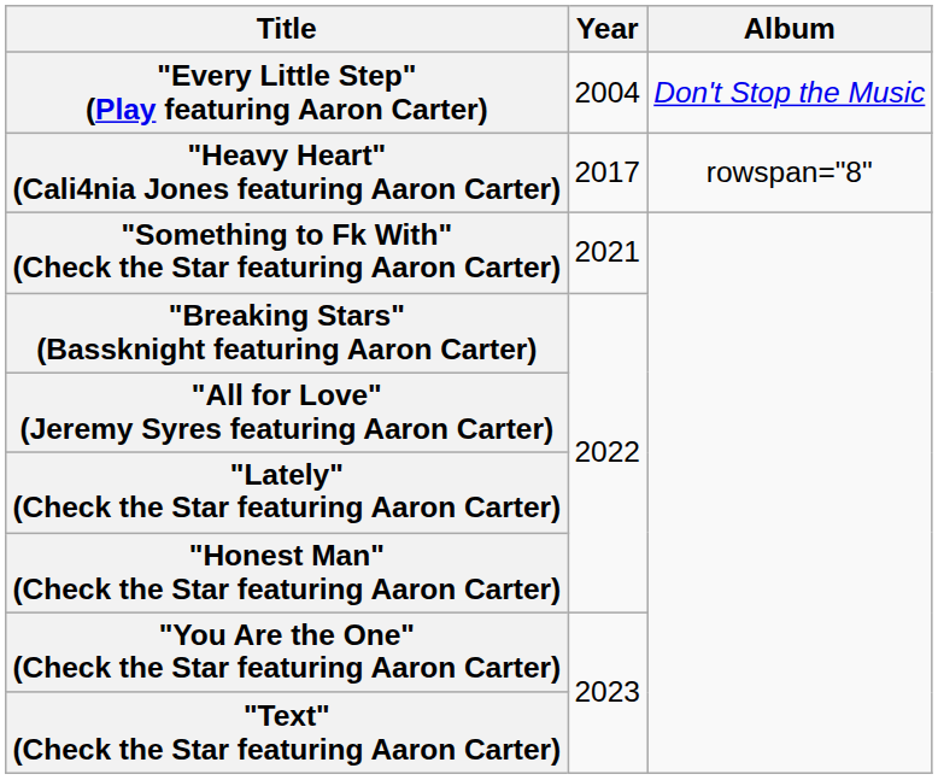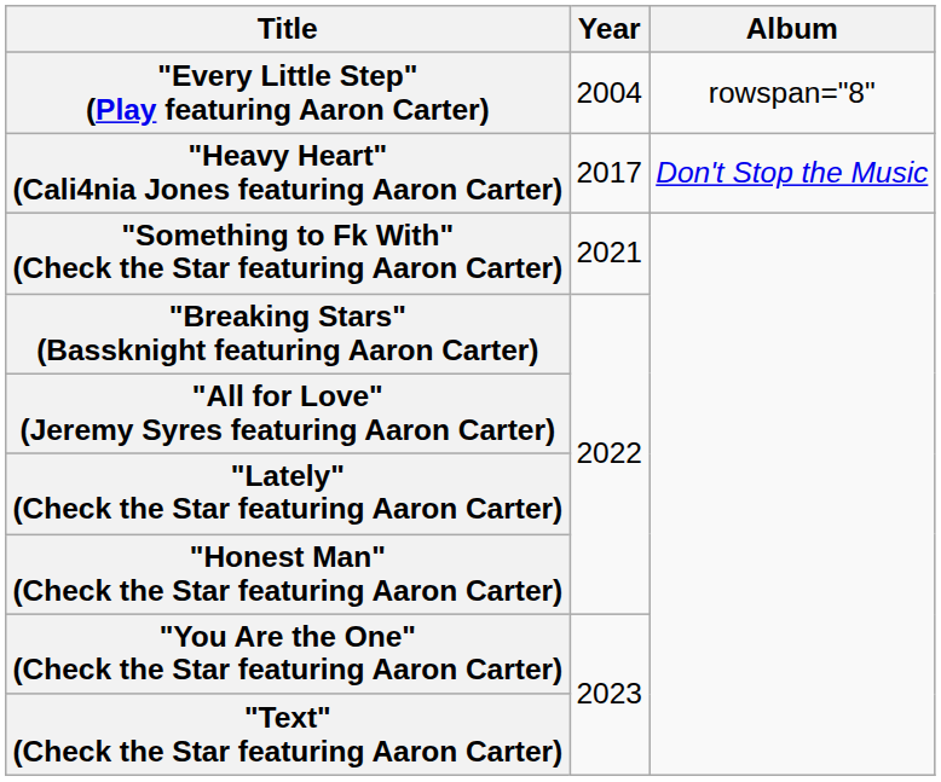 <table class="wikitable plainrowheaders" style="text-align:center;">
 <tr>
 <th scope="col">Title</th>
 <th scope="col">Year</th>
 <th scope="col">Album</th>
 </tr>
 <tr>
 <th scope="row">"Every Little Step"<br><span>(<a href='#'>Play</a> featuring Aaron Carter)</span></th>
 <td>2004</td>
-<td><em><a href='#'>Don't Stop the Music</a></em></td>
+<td>rowspan="8" </td>
 </tr>
 <tr>
 <th scope="row">"Heavy Heart"<br><span>(Cali4nia Jones featuring Aaron Carter)</span></th>
 <td>2017</td>
-<td>rowspan="8" </td>
+<td><em><a href='#'>Don't Stop the Music</a></em></td>
 </tr>
 <tr>
 <th scope="row">"Something to Fk With"<br><span>(Check the Star featuring Aaron Carter)</span></th>
 <td>2021</td>
 </tr>
 <tr>
 <th scope="row">"Breaking Stars"<br><span>(Bassknight featuring Aaron Carter)</span></th>
 <td rowspan="4">2022</td>
 </tr>
 <tr>
 <th scope="row">"All for Love"<br><span>(Jeremy Syres featuring Aaron Carter)</span></th>
 </tr>
 <tr>
 <th scope="row">"Lately"<br><span>(Check the Star featuring Aaron Carter)</span></th>
 </tr>
 <tr>
 <th scope="row">"Honest Man"<br><span>(Check the Star featuring Aaron Carter)</span></th>
 </tr>
 <tr>
 <th scope="row">"You Are the One"<br><span>(Check the Star featuring Aaron Carter)</span></th>
 <td rowspan="2">2023</td>
 </tr>
 <tr>
 <th scope="row">"Text"<br><span>(Check the Star featuring Aaron Carter)</span></th>
 </tr>
 </table>
